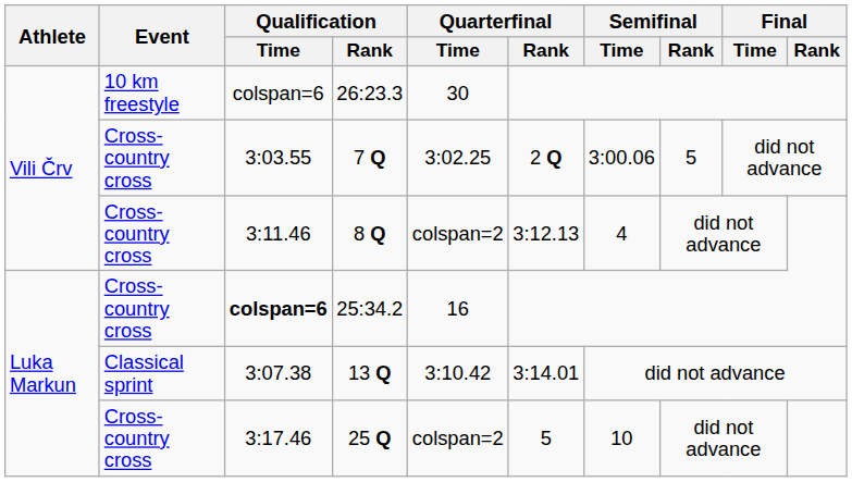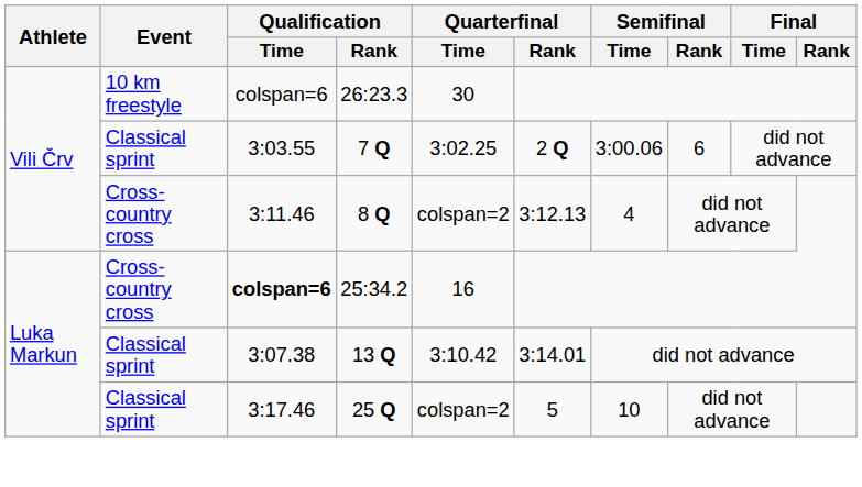 <table class="wikitable" style="font-size:90%">
 <tr>
 <th rowspan="2">Athlete</th>
 <th rowspan="2">Event</th>
 <th colspan="2">Qualification</th>
 <th colspan="2">Quarterfinal</th>
 <th colspan="2">Semifinal</th>
 <th colspan="2">Final</th>
 </tr>
 <tr style="font-size:95%">
 <th>Time</th>
 <th>Rank</th>
 <th>Time</th>
 <th>Rank</th>
 <th>Time</th>
 <th>Rank</th>
 <th>Time</th>
 <th>Rank</th>
 </tr>
 <tr align=center>
 <td align=left rowspan=3><a href='#'>Vili Črv</a></td>
 <td align=left><a href='#'>10 km freestyle</a></td>
 <td>colspan=6 </td>
 <td>26:23.3</td>
 <td>30</td>
 </tr>
 <tr align=center>
-<td align=left><a href='#'>Cross-country cross</a></td>
+<td align=left><a href='#'>Classical sprint</a></td>
 <td>3:03.55</td>
 <td>7 <strong>Q</strong></td>
 <td>3:02.25</td>
 <td>2 <strong>Q</strong></td>
 <td>3:00.06</td>
-<td>5</td>
+<td>6</td>
 <td colspan=2>did not advance</td>
 </tr>
 <tr align=center>
 <td align=left><a href='#'>Cross-country cross</a></td>
 <td>3:11.46</td>
 <td>8 <strong>Q</strong></td>
 <td>colspan=2 </td>
 <td>3:12.13</td>
 <td>4</td>
 <td colspan=2>did not advance</td>
 </tr>
 <tr align=center>
 <td align=left rowspan=3><a href='#'>Luka Markun</a></td>
 <td align=left><a href='#'>Cross-country cross</a></td>
 <td><strong>colspan=6 </strong></td>
 <td>25:34.2</td>
 <td>16</td>
 </tr>
 <tr align=center>
 <td align=left><a href='#'>Classical sprint</a></td>
 <td>3:07.38</td>
 <td>13 <strong>Q</strong></td>
 <td>3:10.42</td>
 <td>3:14.01</td>
 <td colspan=4>did not advance</td>
 </tr>
 <tr align=center>
-<td align=left><a href='#'>Cross-country cross</a></td>
+<td align=left><a href='#'>Classical sprint</a></td>
 <td>3:17.46</td>
 <td>25 <strong>Q</strong></td>
 <td>colspan=2 </td>
 <td>5</td>
 <td>10</td>
 <td colspan=2>did not advance</td>
 </tr>
 </table>
